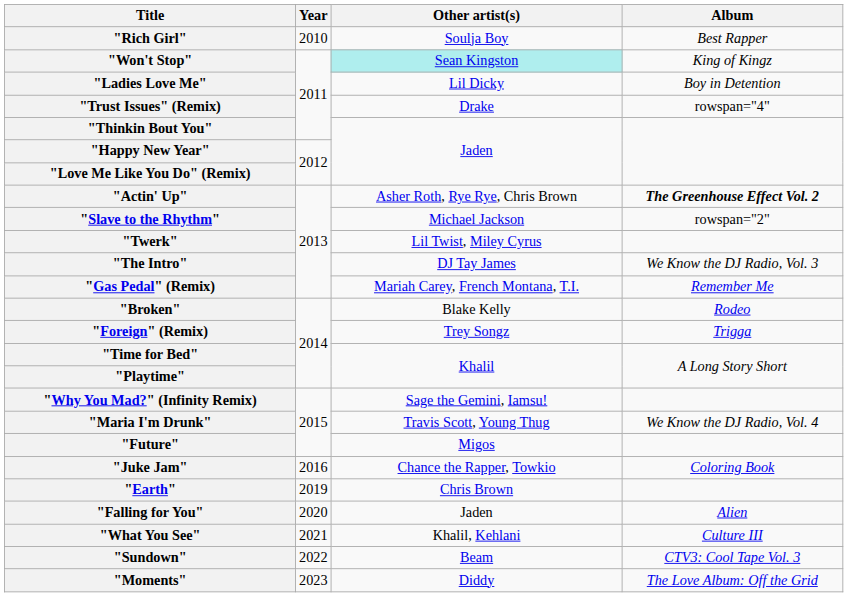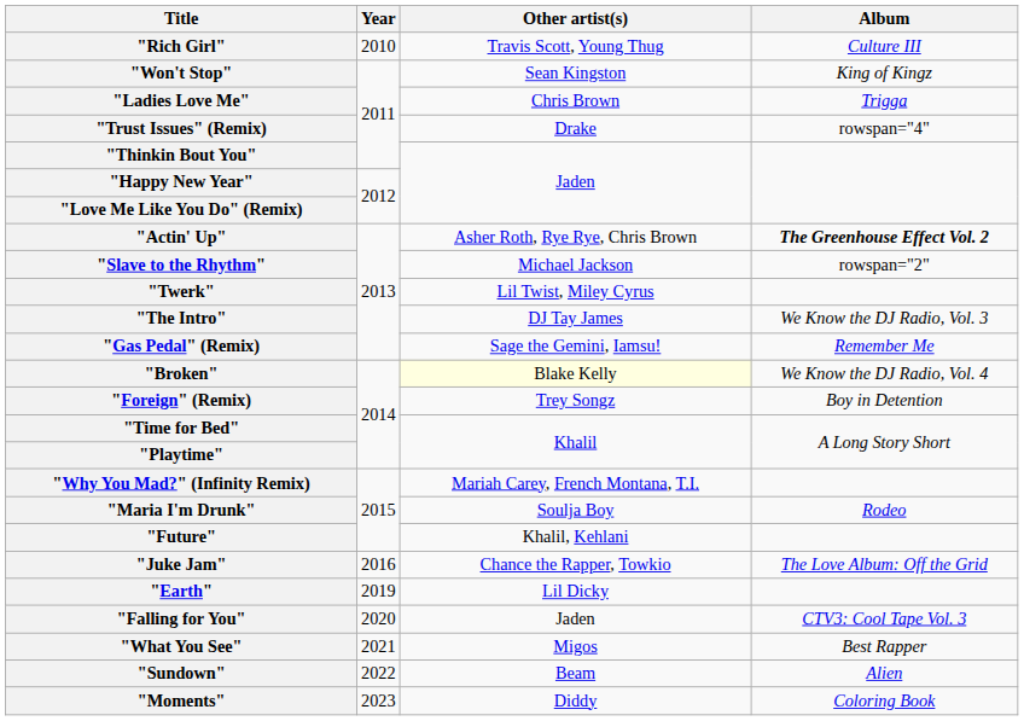 <table class="wikitable plainrowheaders" style="text-align:center;">
 <tr>
 <th scope="col" style="width:20em;">Title</th>
 <th scope="col" style="width:1em;">Year</th>
 <th scope="col" style="width:20em;">Other artist(s)</th>
 <th scope="col" style="width:15em;">Album</th>
 </tr>
 <tr>
 <th scope="row">"Rich Girl"</th>
 <td>2010</td>
-<td><a href='#'>Soulja Boy</a></td>
-<td><em>Best Rapper</em></td>
+<td><a href='#'>Travis Scott</a>, <a href='#'>Young Thug</a></td>
+<td><em><a href='#'>Culture III</a></em></td>
 </tr>
 <tr>
 <th scope="row">"Won't Stop"</th>
 <td rowspan="4">2011</td>
-<td style="background: paleturquoise;"><a href='#'>Sean Kingston</a></td>
+<td><a href='#'>Sean Kingston</a></td>
 <td><em>King of Kingz</em></td>
 </tr>
 <tr>
 <th scope="row">"Ladies Love Me"</th>
-<td><a href='#'>Lil Dicky</a></td>
-<td><em>Boy in Detention</em></td>
+<td><a href='#'>Chris Brown</a></td>
+<td><em><a href='#'>Trigga</a></em></td>
 </tr>
 <tr>
 <th scope="row">"Trust Issues" (Remix)</th>
 <td><a href='#'>Drake</a></td>
 <td>rowspan="4" </td>
 </tr>
 <tr>
 <th scope="row">"Thinkin Bout You"</th>
 <td rowspan="3"><a href='#'>Jaden</a></td>
 </tr>
 <tr>
 <th scope="row">"Happy New Year"</th>
 <td rowspan="2">2012</td>
 </tr>
 <tr>
 <th scope="row">"Love Me Like You Do" (Remix)</th>
 </tr>
 <tr>
 <th scope="row">"Actin' Up"</th>
 <td rowspan="5">2013</td>
 <td><a href='#'>Asher Roth</a>, <a href='#'>Rye Rye</a>, Chris Brown</td>
 <td><strong><em>The Greenhouse Effect Vol. 2</em></strong></td>
 </tr>
 <tr>
 <th scope="row">"<a href='#'>Slave to the Rhythm</a>"</th>
 <td><a href='#'>Michael Jackson</a></td>
 <td>rowspan="2" </td>
 </tr>
 <tr>
 <th scope="row">"Twerk"</th>
 <td><a href='#'>Lil Twist</a>, <a href='#'>Miley Cyrus</a></td>
 </tr>
 <tr>
 <th scope="row">"The Intro"</th>
 <td><a href='#'>DJ Tay James</a></td>
 <td><em>We Know the DJ Radio, Vol. 3</em></td>
 </tr>
 <tr>
 <th scope="row">"<a href='#'>Gas Pedal</a>" (Remix)</th>
-<td><a href='#'>Mariah Carey</a>, <a href='#'>French Montana</a>, <a href='#'>T.I.</a></td>
+<td><a href='#'>Sage the Gemini</a>, <a href='#'>Iamsu!</a></td>
 <td><em><a href='#'>Remember Me</a></em></td>
 </tr>
 <tr>
 <th scope="row">"Broken"</th>
 <td rowspan="4">2014</td>
-<td>Blake Kelly</td>
-<td><em><a href='#'>Rodeo</a></em></td>
+<td style="background: lightyellow;">Blake Kelly</td>
+<td><em>We Know the DJ Radio, Vol. 4</em></td>
 </tr>
 <tr>
 <th scope="row">"<a href='#'>Foreign</a>" (Remix)</th>
 <td><a href='#'>Trey Songz</a></td>
-<td><em><a href='#'>Trigga</a></em></td>
+<td><em>Boy in Detention</em></td>
 </tr>
 <tr>
 <th scope="row">"Time for Bed"</th>
 <td rowspan="2"><a href='#'>Khalil</a></td>
 <td rowspan="2"><em>A Long Story Short</em></td>
 </tr>
 <tr>
 <th scope="row">"Playtime"</th>
 </tr>
 <tr>
 <th scope="row">"<a href='#'>Why You Mad?</a>" (Infinity Remix)</th>
 <td rowspan="3">2015</td>
-<td><a href='#'>Sage the Gemini</a>, <a href='#'>Iamsu!</a></td>
+<td><a href='#'>Mariah Carey</a>, <a href='#'>French Montana</a>, <a href='#'>T.I.</a></td>
 <td></td>
 </tr>
 <tr>
 <th scope="row">"Maria I'm Drunk"</th>
-<td><a href='#'>Travis Scott</a>, <a href='#'>Young Thug</a></td>
-<td><em>We Know the DJ Radio, Vol. 4</em></td>
+<td><a href='#'>Soulja Boy</a></td>
+<td><em><a href='#'>Rodeo</a></em></td>
 </tr>
 <tr>
 <th scope="row">"Future"</th>
-<td><a href='#'>Migos</a></td>
+<td>Khalil, <a href='#'>Kehlani</a></td>
 <td></td>
 </tr>
 <tr>
 <th scope="row">"Juke Jam"</th>
 <td>2016</td>
 <td><a href='#'>Chance the Rapper</a>, <a href='#'>Towkio</a></td>
-<td><em><a href='#'>Coloring Book</a></em></td>
+<td><em><a href='#'>The Love Album: Off the Grid</a></em></td>
 </tr>
 <tr>
 <th scope="row">"<a href='#'>Earth</a>"</th>
 <td>2019</td>
-<td><a href='#'>Chris Brown</a></td>
+<td><a href='#'>Lil Dicky</a></td>
 <td></td>
 </tr>
 <tr>
 <th scope="row">"Falling for You"</th>
 <td>2020</td>
 <td>Jaden</td>
-<td><em><a href='#'>Alien</a></em></td>
+<td><em><a href='#'>CTV3: Cool Tape Vol. 3</a></em></td>
 </tr>
 <tr>
 <th scope="row">"What You See"</th>
 <td>2021</td>
-<td>Khalil, <a href='#'>Kehlani</a></td>
-<td><em><a href='#'>Culture III</a></em></td>
+<td><a href='#'>Migos</a></td>
+<td><em>Best Rapper</em></td>
 </tr>
 <tr>
 <th scope="row">"Sundown"</th>
 <td>2022</td>
 <td><a href='#'>Beam</a></td>
-<td><em><a href='#'>CTV3: Cool Tape Vol. 3</a></em></td>
+<td><em><a href='#'>Alien</a></em></td>
 </tr>
 <tr>
 <th scope="row">"Moments"</th>
 <td>2023</td>
 <td><a href='#'>Diddy</a></td>
-<td><em><a href='#'>The Love Album: Off the Grid</a></em></td>
+<td><em><a href='#'>Coloring Book</a></em></td>
 </tr>
 </table>
